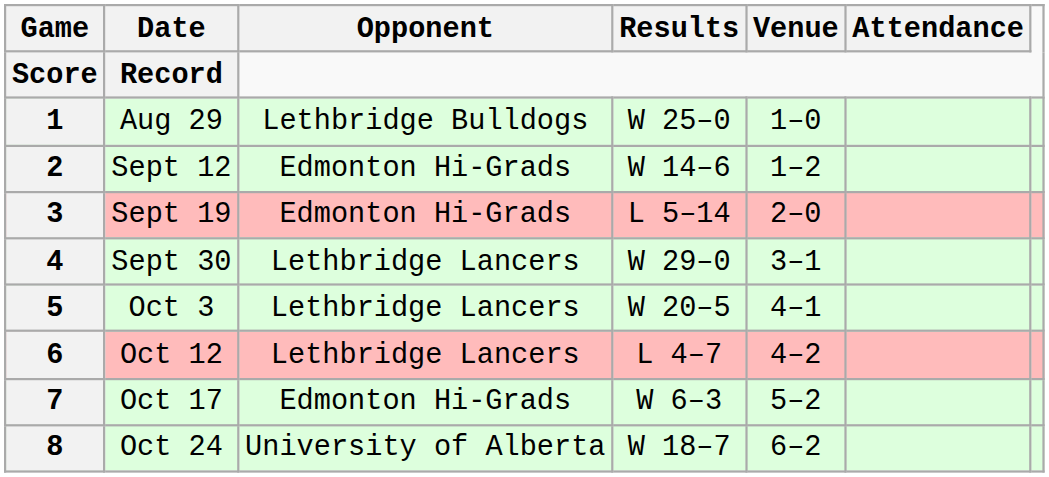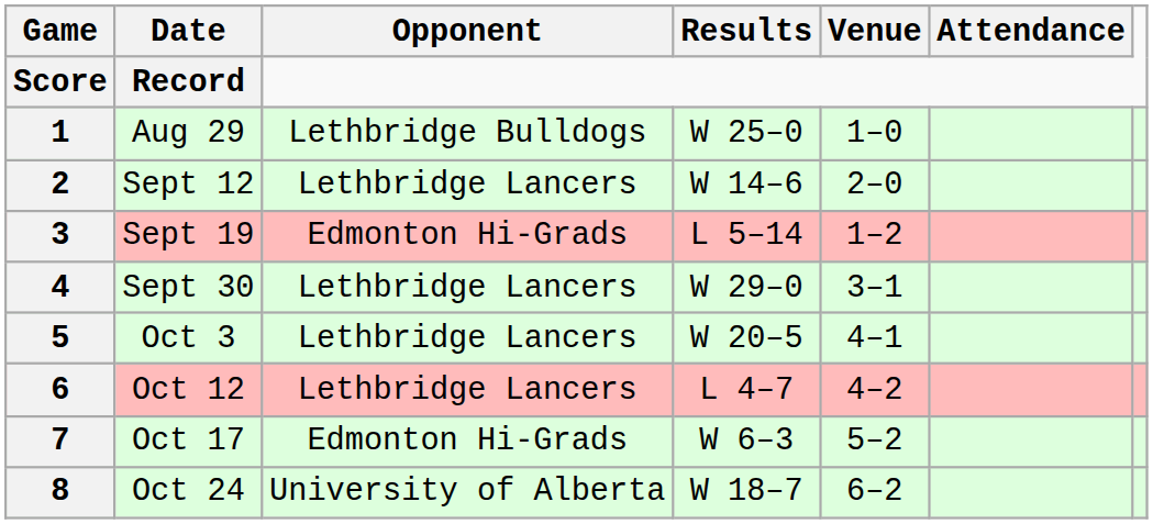 <table class="wikitable" style="text-align:center">
 <tr>
 <th>Game</th>
 <th>Date</th>
 <th>Opponent</th>
 <th>Results</th>
 <th>Venue</th>
 <th>Attendance</th>
 </tr>
 <tr>
 <th>Score</th>
 <th>Record</th>
 </tr>
 <tr style="background:#ddffdd">
 <th>1</th>
 <td>Aug 29</td>
 <td>Lethbridge Bulldogs</td>
 <td>W 25–0</td>
 <td>1–0</td>
 <td></td>
 <td></td>
 </tr>
 <tr style="background:#ddffdd">
 <th>2</th>
 <td>Sept 12</td>
-<td>Edmonton Hi-Grads</td>
+<td>Lethbridge Lancers</td>
 <td>W 14–6</td>
-<td>1–2</td>
+<td>2–0</td>
 <td></td>
 <td></td>
 </tr>
 <tr style="background:#ffbbbb">
 <th>3</th>
 <td>Sept 19</td>
 <td>Edmonton Hi-Grads</td>
 <td>L 5–14</td>
-<td>2–0</td>
+<td>1–2</td>
 <td></td>
 <td></td>
 </tr>
 <tr style="background:#ddffdd">
 <th>4</th>
 <td>Sept 30</td>
 <td>Lethbridge Lancers</td>
 <td>W 29–0</td>
 <td>3–1</td>
 <td></td>
 <td></td>
 </tr>
 <tr style="background:#ddffdd">
 <th>5</th>
 <td>Oct 3</td>
 <td>Lethbridge Lancers</td>
 <td>W 20–5</td>
 <td>4–1</td>
 <td></td>
 <td></td>
 </tr>
 <tr style="background:#ffbbbb">
 <th>6</th>
 <td>Oct 12</td>
 <td>Lethbridge Lancers</td>
 <td>L 4–7</td>
 <td>4–2</td>
 <td></td>
 <td></td>
 </tr>
 <tr style="background:#ddffdd">
 <th>7</th>
 <td>Oct 17</td>
 <td>Edmonton Hi-Grads</td>
 <td>W 6–3</td>
 <td>5–2</td>
 <td></td>
 <td></td>
 </tr>
 <tr style="background:#ddffdd">
 <th>8</th>
 <td>Oct 24</td>
 <td>University of Alberta</td>
 <td>W 18–7</td>
 <td>6–2</td>
 <td></td>
 <td></td>
 </tr>
 </table>
